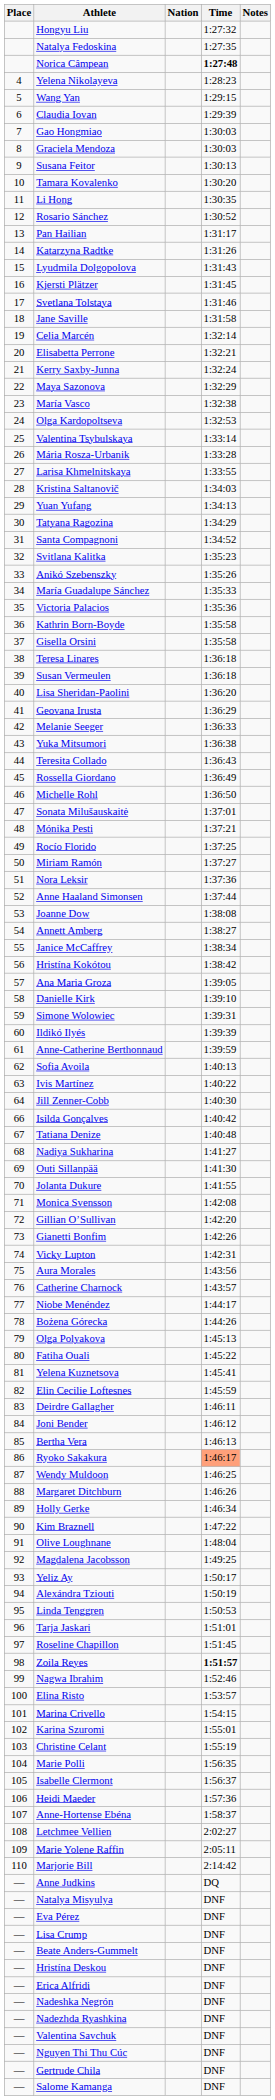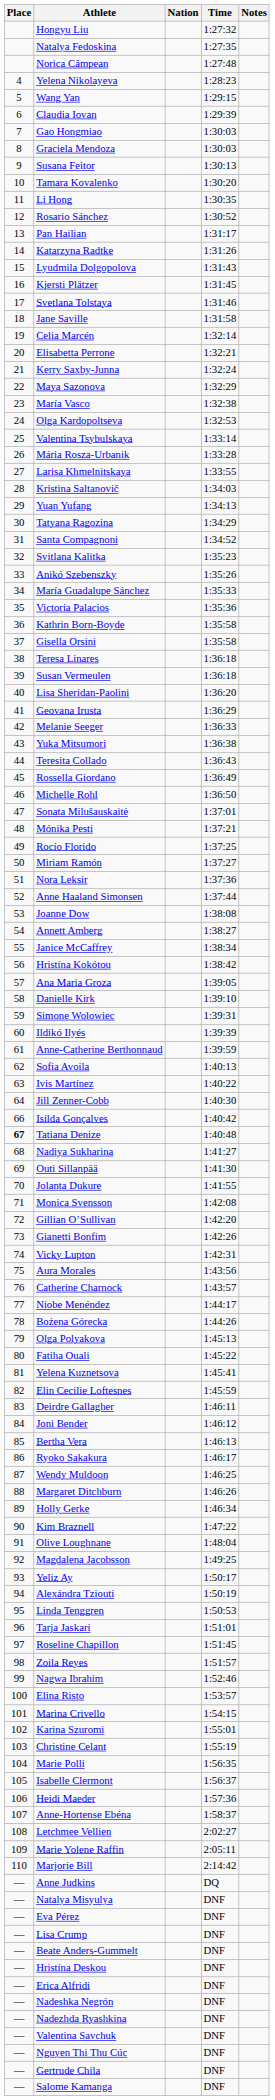 <table class=wikitable>
 <tr>
 <th>Place</th>
 <th>Athlete</th>
 <th>Nation</th>
 <th>Time</th>
 <th>Notes</th>
 </tr>
 <tr>
 <td align=center></td>
 <td><a href='#'>Hongyu Liu</a></td>
 <td></td>
 <td>1:27:32</td>
 <td> </td>
 </tr>
 <tr>
 <td align=center></td>
 <td><a href='#'>Natalya Fedoskina</a></td>
 <td></td>
 <td>1:27:35</td>
 <td> </td>
 </tr>
 <tr>
 <td align=center></td>
 <td><a href='#'>Norica Câmpean</a></td>
 <td></td>
-<td><strong>1:27:48</strong></td>
+<td>1:27:48</td>
 <td> </td>
 </tr>
 <tr>
 <td align=center>4</td>
 <td><a href='#'>Yelena Nikolayeva</a></td>
 <td></td>
 <td>1:28:23</td>
 <td> </td>
 </tr>
 <tr>
 <td align=center>5</td>
 <td><a href='#'>Wang Yan</a></td>
 <td></td>
 <td>1:29:15</td>
 <td> </td>
 </tr>
 <tr>
 <td align=center>6</td>
 <td><a href='#'>Claudia Iovan</a></td>
 <td></td>
 <td>1:29:39</td>
 <td> </td>
 </tr>
 <tr>
 <td align=center>7</td>
 <td><a href='#'>Gao Hongmiao</a></td>
 <td></td>
 <td>1:30:03</td>
 <td> </td>
 </tr>
 <tr>
 <td align=center>8</td>
 <td><a href='#'>Graciela Mendoza</a></td>
 <td></td>
 <td>1:30:03</td>
 <td> </td>
 </tr>
 <tr>
 <td align=center>9</td>
 <td><a href='#'>Susana Feitor</a></td>
 <td></td>
 <td>1:30:13</td>
 <td> </td>
 </tr>
 <tr>
 <td align=center>10</td>
 <td><a href='#'>Tamara Kovalenko</a></td>
 <td></td>
 <td>1:30:20</td>
 <td> </td>
 </tr>
 <tr>
 <td align=center>11</td>
 <td><a href='#'>Li Hong</a></td>
 <td></td>
 <td>1:30:35</td>
 <td> </td>
 </tr>
 <tr>
 <td align=center>12</td>
 <td><a href='#'>Rosario Sánchez</a></td>
 <td></td>
 <td>1:30:52</td>
 <td> </td>
 </tr>
 <tr>
 <td align=center>13</td>
 <td><a href='#'>Pan Hailian</a></td>
 <td></td>
 <td>1:31:17</td>
 <td> </td>
 </tr>
 <tr>
 <td align=center>14</td>
 <td><a href='#'>Katarzyna Radtke</a></td>
 <td></td>
 <td>1:31:26</td>
 <td> </td>
 </tr>
 <tr>
 <td align=center>15</td>
 <td><a href='#'>Lyudmila Dolgopolova</a></td>
 <td></td>
 <td>1:31:43</td>
 <td> </td>
 </tr>
 <tr>
 <td align=center>16</td>
 <td><a href='#'>Kjersti Plätzer</a></td>
 <td></td>
 <td>1:31:45</td>
 <td> </td>
 </tr>
 <tr>
 <td align=center>17</td>
 <td><a href='#'>Svetlana Tolstaya</a></td>
 <td></td>
 <td>1:31:46</td>
 <td> </td>
 </tr>
 <tr>
 <td align=center>18</td>
 <td><a href='#'>Jane Saville</a></td>
 <td></td>
 <td>1:31:58</td>
 <td> </td>
 </tr>
 <tr>
 <td align=center>19</td>
 <td><a href='#'>Celia Marcén</a></td>
 <td></td>
 <td>1:32:14</td>
 <td> </td>
 </tr>
 <tr>
 <td align=center>20</td>
 <td><a href='#'>Elisabetta Perrone</a></td>
 <td></td>
 <td>1:32:21</td>
 <td> </td>
 </tr>
 <tr>
 <td align=center>21</td>
 <td><a href='#'>Kerry Saxby-Junna</a></td>
 <td></td>
 <td>1:32:24</td>
 <td></td>
 </tr>
 <tr>
 <td align=center>22</td>
 <td><a href='#'>Maya Sazonova</a></td>
 <td></td>
 <td>1:32:29</td>
 <td></td>
 </tr>
 <tr>
 <td align=center>23</td>
 <td><a href='#'>María Vasco</a></td>
 <td></td>
 <td>1:32:38</td>
 <td></td>
 </tr>
 <tr>
 <td align=center>24</td>
 <td><a href='#'>Olga Kardopoltseva</a></td>
 <td></td>
 <td>1:32:53</td>
 <td></td>
 </tr>
 <tr>
 <td align=center>25</td>
 <td><a href='#'>Valentina Tsybulskaya</a></td>
 <td></td>
 <td>1:33:14</td>
 <td></td>
 </tr>
 <tr>
 <td align=center>26</td>
 <td><a href='#'>Mária Rosza-Urbanik</a></td>
 <td></td>
 <td>1:33:28</td>
 <td></td>
 </tr>
 <tr>
 <td align=center>27</td>
 <td><a href='#'>Larisa Khmelnitskaya</a></td>
 <td></td>
 <td>1:33:55</td>
 <td></td>
 </tr>
 <tr>
 <td align=center>28</td>
 <td><a href='#'>Kristina Saltanovič</a></td>
 <td></td>
 <td>1:34:03</td>
 <td></td>
 </tr>
 <tr>
 <td align=center>29</td>
 <td><a href='#'>Yuan Yufang</a></td>
 <td></td>
 <td>1:34:13</td>
 <td></td>
 </tr>
 <tr>
 <td align=center>30</td>
 <td><a href='#'>Tatyana Ragozina</a></td>
 <td></td>
 <td>1:34:29</td>
 <td></td>
 </tr>
 <tr>
 <td align=center>31</td>
 <td><a href='#'>Santa Compagnoni</a></td>
 <td></td>
 <td>1:34:52</td>
 <td></td>
 </tr>
 <tr>
 <td align=center>32</td>
 <td><a href='#'>Svitlana Kalitka</a></td>
 <td></td>
 <td>1:35:23</td>
 <td></td>
 </tr>
 <tr>
 <td align=center>33</td>
 <td><a href='#'>Anikó Szebenszky</a></td>
 <td></td>
 <td>1:35:26</td>
 <td></td>
 </tr>
 <tr>
 <td align=center>34</td>
 <td><a href='#'>María Guadalupe Sánchez</a></td>
 <td></td>
 <td>1:35:33</td>
 <td></td>
 </tr>
 <tr>
 <td align=center>35</td>
 <td><a href='#'>Victoria Palacios</a></td>
 <td></td>
 <td>1:35:36</td>
 <td></td>
 </tr>
 <tr>
 <td align=center>36</td>
 <td><a href='#'>Kathrin Born-Boyde</a></td>
 <td></td>
 <td>1:35:58</td>
 <td></td>
 </tr>
 <tr>
 <td align=center>37</td>
 <td><a href='#'>Gisella Orsini</a></td>
 <td></td>
 <td>1:35:58</td>
 <td></td>
 </tr>
 <tr>
 <td align=center>38</td>
 <td><a href='#'>Teresa Linares</a></td>
 <td></td>
 <td>1:36:18</td>
 <td></td>
 </tr>
 <tr>
 <td align=center>39</td>
 <td><a href='#'>Susan Vermeulen</a></td>
 <td></td>
 <td>1:36:18</td>
 <td></td>
 </tr>
 <tr>
 <td align=center>40</td>
 <td><a href='#'>Lisa Sheridan-Paolini</a></td>
 <td></td>
 <td>1:36:20</td>
 <td></td>
 </tr>
 <tr>
 <td align=center>41</td>
 <td><a href='#'>Geovana Irusta</a></td>
 <td></td>
 <td>1:36:29</td>
 <td></td>
 </tr>
 <tr>
 <td align=center>42</td>
 <td><a href='#'>Melanie Seeger</a></td>
 <td></td>
 <td>1:36:33</td>
 <td></td>
 </tr>
 <tr>
 <td align=center>43</td>
 <td><a href='#'>Yuka Mitsumori</a></td>
 <td></td>
 <td>1:36:38</td>
 <td></td>
 </tr>
 <tr>
 <td align=center>44</td>
 <td><a href='#'>Teresita Collado</a></td>
 <td></td>
 <td>1:36:43</td>
 <td></td>
 </tr>
 <tr>
 <td align=center>45</td>
 <td><a href='#'>Rossella Giordano</a></td>
 <td></td>
 <td>1:36:49</td>
 <td></td>
 </tr>
 <tr>
 <td align=center>46</td>
 <td><a href='#'>Michelle Rohl</a></td>
 <td></td>
 <td>1:36:50</td>
 <td></td>
 </tr>
 <tr>
 <td align=center>47</td>
 <td><a href='#'>Sonata Milušauskaitė</a></td>
 <td></td>
 <td>1:37:01</td>
 <td></td>
 </tr>
 <tr>
 <td align=center>48</td>
 <td><a href='#'>Mónika Pesti</a></td>
 <td></td>
 <td>1:37:21</td>
 <td></td>
 </tr>
 <tr>
 <td align=center>49</td>
 <td><a href='#'>Rocío Florido</a></td>
 <td></td>
 <td>1:37:25</td>
 <td></td>
 </tr>
 <tr>
 <td align=center>50</td>
 <td><a href='#'>Miriam Ramón</a></td>
 <td></td>
 <td>1:37:27</td>
 <td></td>
 </tr>
 <tr>
 <td align=center>51</td>
 <td><a href='#'>Nora Leksir</a></td>
 <td></td>
 <td>1:37:36</td>
 <td></td>
 </tr>
 <tr>
 <td align=center>52</td>
 <td><a href='#'>Anne Haaland Simonsen</a></td>
 <td></td>
 <td>1:37:44</td>
 <td></td>
 </tr>
 <tr>
 <td align=center>53</td>
 <td><a href='#'>Joanne Dow</a></td>
 <td></td>
 <td>1:38:08</td>
 <td></td>
 </tr>
 <tr>
 <td align=center>54</td>
 <td><a href='#'>Annett Amberg</a></td>
 <td></td>
 <td>1:38:27</td>
 <td></td>
 </tr>
 <tr>
 <td align=center>55</td>
 <td><a href='#'>Janice McCaffrey</a></td>
 <td></td>
 <td>1:38:34</td>
 <td></td>
 </tr>
 <tr>
 <td align=center>56</td>
 <td><a href='#'>Hristína Kokótou</a></td>
 <td></td>
 <td>1:38:42</td>
 <td></td>
 </tr>
 <tr>
 <td align=center>57</td>
 <td><a href='#'>Ana Maria Groza</a></td>
 <td></td>
 <td>1:39:05</td>
 <td></td>
 </tr>
 <tr>
 <td align=center>58</td>
 <td><a href='#'>Danielle Kirk</a></td>
 <td></td>
 <td>1:39:10</td>
 <td></td>
 </tr>
 <tr>
 <td align=center>59</td>
 <td><a href='#'>Simone Wolowiec</a></td>
 <td></td>
 <td>1:39:31</td>
 <td></td>
 </tr>
 <tr>
 <td align=center>60</td>
 <td><a href='#'>Ildikó Ilyés</a></td>
 <td></td>
 <td>1:39:39</td>
 <td></td>
 </tr>
 <tr>
 <td align=center>61</td>
 <td><a href='#'>Anne-Catherine Berthonnaud</a></td>
 <td></td>
 <td>1:39:59</td>
 <td></td>
 </tr>
 <tr>
 <td align=center>62</td>
 <td><a href='#'>Sofia Avoila</a></td>
 <td></td>
 <td>1:40:13</td>
 <td></td>
 </tr>
 <tr>
 <td align=center>63</td>
 <td><a href='#'>Ivis Martínez</a></td>
 <td></td>
 <td>1:40:22</td>
 <td></td>
 </tr>
 <tr>
 <td align=center>64</td>
 <td><a href='#'>Jill Zenner-Cobb</a></td>
 <td></td>
 <td>1:40:30</td>
 <td></td>
 </tr>
 <tr>
 <td align=center>66</td>
 <td><a href='#'>Isilda Gonçalves</a></td>
 <td></td>
 <td>1:40:42</td>
 <td></td>
 </tr>
 <tr>
-<td align=center>67</td>
+<td align=center><strong>67</strong></td>
 <td><a href='#'>Tatiana Denize</a></td>
 <td></td>
 <td>1:40:48</td>
 <td></td>
 </tr>
 <tr>
 <td align=center>68</td>
 <td><a href='#'>Nadiya Sukharina</a></td>
 <td></td>
 <td>1:41:27</td>
 <td></td>
 </tr>
 <tr>
 <td align=center>69</td>
 <td><a href='#'>Outi Sillanpää</a></td>
 <td></td>
 <td>1:41:30</td>
 <td></td>
 </tr>
 <tr>
 <td align=center>70</td>
 <td><a href='#'>Jolanta Dukure</a></td>
 <td></td>
 <td>1:41:55</td>
 <td></td>
 </tr>
 <tr>
 <td align=center>71</td>
 <td><a href='#'>Monica Svensson</a></td>
 <td></td>
 <td>1:42:08</td>
 <td></td>
 </tr>
 <tr>
 <td align=center>72</td>
 <td><a href='#'>Gillian OʼSullivan</a></td>
 <td></td>
 <td>1:42:20</td>
 <td></td>
 </tr>
 <tr>
 <td align=center>73</td>
 <td><a href='#'>Gianetti Bonfim</a></td>
 <td></td>
 <td>1:42:26</td>
 <td></td>
 </tr>
 <tr>
 <td align=center>74</td>
 <td><a href='#'>Vicky Lupton</a></td>
 <td></td>
 <td>1:42:31</td>
 <td></td>
 </tr>
 <tr>
 <td align=center>75</td>
 <td><a href='#'>Aura Morales</a></td>
 <td></td>
 <td>1:43:56</td>
 <td></td>
 </tr>
 <tr>
 <td align=center>76</td>
 <td><a href='#'>Catherine Charnock</a></td>
 <td></td>
 <td>1:43:57</td>
 <td></td>
 </tr>
 <tr>
 <td align=center>77</td>
 <td><a href='#'>Niobe Menéndez</a></td>
 <td></td>
 <td>1:44:17</td>
 <td></td>
 </tr>
 <tr>
 <td align=center>78</td>
 <td><a href='#'>Bożena Górecka</a></td>
 <td></td>
 <td>1:44:26</td>
 <td></td>
 </tr>
 <tr>
 <td align=center>79</td>
 <td><a href='#'>Olga Polyakova</a></td>
 <td></td>
 <td>1:45:13</td>
 <td></td>
 </tr>
 <tr>
 <td align=center>80</td>
 <td><a href='#'>Fatiha Ouali</a></td>
 <td></td>
 <td>1:45:22</td>
 <td></td>
 </tr>
 <tr>
 <td align=center>81</td>
 <td><a href='#'>Yelena Kuznetsova</a></td>
 <td></td>
 <td>1:45:41</td>
 <td></td>
 </tr>
 <tr>
 <td align=center>82</td>
 <td><a href='#'>Elin Cecilie Loftesnes</a></td>
 <td></td>
 <td>1:45:59</td>
 <td></td>
 </tr>
 <tr>
 <td align=center>83</td>
 <td><a href='#'>Deirdre Gallagher</a></td>
 <td></td>
 <td>1:46:11</td>
 <td></td>
 </tr>
 <tr>
 <td align=center>84</td>
 <td><a href='#'>Joni Bender</a></td>
 <td></td>
 <td>1:46:12</td>
 <td></td>
 </tr>
 <tr>
 <td align=center>85</td>
 <td><a href='#'>Bertha Vera</a></td>
 <td></td>
 <td>1:46:13</td>
 <td></td>
 </tr>
 <tr>
 <td align=center>86</td>
 <td><a href='#'>Ryoko Sakakura</a></td>
 <td></td>
-<td style="background: lightsalmon;">1:46:17</td>
+<td>1:46:17</td>
 <td></td>
 </tr>
 <tr>
 <td align=center>87</td>
 <td><a href='#'>Wendy Muldoon</a></td>
 <td></td>
 <td>1:46:25</td>
 <td></td>
 </tr>
 <tr>
 <td align=center>88</td>
 <td><a href='#'>Margaret Ditchburn</a></td>
 <td></td>
 <td>1:46:26</td>
 <td></td>
 </tr>
 <tr>
 <td align=center>89</td>
 <td><a href='#'>Holly Gerke</a></td>
 <td></td>
 <td>1:46:34</td>
 <td></td>
 </tr>
 <tr>
 <td align=center>90</td>
 <td><a href='#'>Kim Braznell</a></td>
 <td></td>
 <td>1:47:22</td>
 <td></td>
 </tr>
 <tr>
 <td align=center>91</td>
 <td><a href='#'>Olive Loughnane</a></td>
 <td></td>
 <td>1:48:04</td>
 <td></td>
 </tr>
 <tr>
 <td align=center>92</td>
 <td><a href='#'>Magdalena Jacobsson</a></td>
 <td></td>
 <td>1:49:25</td>
 <td></td>
 </tr>
 <tr>
 <td align=center>93</td>
 <td><a href='#'>Yeliz Ay</a></td>
 <td></td>
 <td>1:50:17</td>
 <td></td>
 </tr>
 <tr>
 <td align=center>94</td>
 <td><a href='#'>Alexándra Tziouti</a></td>
 <td></td>
 <td>1:50:19</td>
 <td></td>
 </tr>
 <tr>
 <td align=center>95</td>
 <td><a href='#'>Linda Tenggren</a></td>
 <td></td>
 <td>1:50:53</td>
 <td></td>
 </tr>
 <tr>
 <td align=center>96</td>
 <td><a href='#'>Tarja Jaskari</a></td>
 <td></td>
 <td>1:51:01</td>
 <td></td>
 </tr>
 <tr>
 <td align=center>97</td>
 <td><a href='#'>Roseline Chapillon</a></td>
 <td></td>
 <td>1:51:45</td>
 <td></td>
 </tr>
 <tr>
 <td align=center>98</td>
 <td><a href='#'>Zoila Reyes</a></td>
 <td></td>
-<td><strong>1:51:57</strong></td>
+<td>1:51:57</td>
 <td></td>
 </tr>
 <tr>
 <td align=center>99</td>
 <td><a href='#'>Nagwa Ibrahim</a></td>
 <td></td>
 <td>1:52:46</td>
 <td></td>
 </tr>
 <tr>
 <td align=center>100</td>
 <td><a href='#'>Elina Risto</a></td>
 <td></td>
 <td>1:53:57</td>
 <td></td>
 </tr>
 <tr>
 <td align=center>101</td>
 <td><a href='#'>Marina Crivello</a></td>
 <td></td>
 <td>1:54:15</td>
 <td></td>
 </tr>
 <tr>
 <td align=center>102</td>
 <td><a href='#'>Karina Szuromi</a></td>
 <td></td>
 <td>1:55:01</td>
 <td></td>
 </tr>
 <tr>
 <td align=center>103</td>
 <td><a href='#'>Christine Celant</a></td>
 <td></td>
 <td>1:55:19</td>
 <td></td>
 </tr>
 <tr>
 <td align=center>104</td>
 <td><a href='#'>Marie Polli</a></td>
 <td></td>
 <td>1:56:35</td>
 <td></td>
 </tr>
 <tr>
 <td align=center>105</td>
 <td><a href='#'>Isabelle Clermont</a></td>
 <td></td>
 <td>1:56:37</td>
 <td></td>
 </tr>
 <tr>
 <td align=center>106</td>
 <td><a href='#'>Heidi Maeder</a></td>
 <td></td>
 <td>1:57:36</td>
 <td></td>
 </tr>
 <tr>
 <td align=center>107</td>
 <td><a href='#'>Anne-Hortense Ebéna</a></td>
 <td></td>
 <td>1:58:37</td>
 <td></td>
 </tr>
 <tr>
 <td align=center>108</td>
 <td><a href='#'>Letchmee Vellien</a></td>
 <td></td>
 <td>2:02:27</td>
 <td></td>
 </tr>
 <tr>
 <td align=center>109</td>
 <td><a href='#'>Marie Yolene Raffin</a></td>
 <td></td>
 <td>2:05:11</td>
 <td></td>
 </tr>
 <tr>
 <td align=center>110</td>
 <td><a href='#'>Marjorie Bill</a></td>
 <td></td>
 <td>2:14:42</td>
 <td></td>
 </tr>
 <tr>
 <td align=center>—</td>
 <td><a href='#'>Anne Judkins</a></td>
 <td></td>
 <td>DQ</td>
 <td></td>
 </tr>
 <tr>
 <td align=center>—</td>
 <td><a href='#'>Natalya Misyulya</a></td>
 <td></td>
 <td>DNF</td>
 <td></td>
 </tr>
 <tr>
 <td align=center>—</td>
 <td><a href='#'>Eva Pérez</a></td>
 <td></td>
 <td>DNF</td>
 <td></td>
 </tr>
 <tr>
 <td align=center>—</td>
 <td><a href='#'>Lisa Crump</a></td>
 <td></td>
 <td>DNF</td>
 <td></td>
 </tr>
 <tr>
 <td align=center>—</td>
 <td><a href='#'>Beate Anders-Gummelt</a></td>
 <td></td>
 <td>DNF</td>
 <td></td>
 </tr>
 <tr>
 <td align=center>—</td>
 <td><a href='#'>Hristína Deskou</a></td>
 <td></td>
 <td>DNF</td>
 <td></td>
 </tr>
 <tr>
 <td align=center>—</td>
 <td><a href='#'>Erica Alfridi</a></td>
 <td></td>
 <td>DNF</td>
 <td></td>
 </tr>
 <tr>
 <td align=center>—</td>
 <td><a href='#'>Nadeshka Negrón</a></td>
 <td></td>
 <td>DNF</td>
 <td></td>
 </tr>
 <tr>
 <td align=center>—</td>
 <td><a href='#'>Nadezhda Ryashkina</a></td>
 <td></td>
 <td>DNF</td>
 <td></td>
 </tr>
 <tr>
 <td align=center>—</td>
 <td><a href='#'>Valentina Savchuk</a></td>
 <td></td>
 <td>DNF</td>
 <td></td>
 </tr>
 <tr>
 <td align=center>—</td>
 <td><a href='#'>Nguyen Thi Thu Cúc</a></td>
 <td></td>
 <td>DNF</td>
 <td></td>
 </tr>
 <tr>
 <td align=center>—</td>
 <td><a href='#'>Gertrude Chila</a></td>
 <td></td>
 <td>DNF</td>
 <td></td>
 </tr>
 <tr>
 <td align=center>—</td>
 <td><a href='#'>Salome Kamanga</a></td>
 <td></td>
 <td>DNF</td>
 <td></td>
 </tr>
 </table>
